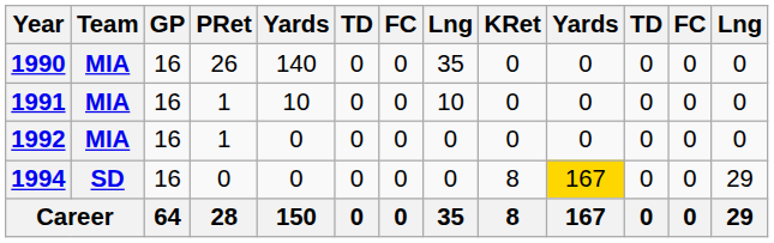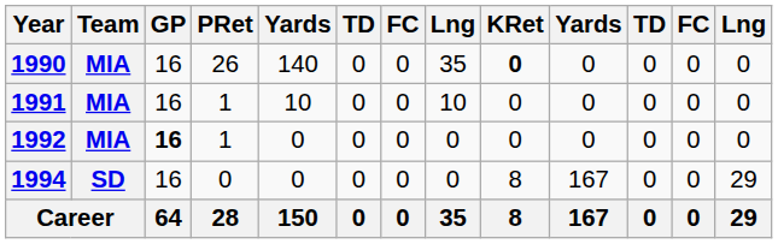 <table class="wikitable" style="text-align: center;">
 <tr>
 <th>Year</th>
 <th>Team</th>
 <th>GP</th>
 <th>PRet</th>
 <th>Yards</th>
 <th>TD</th>
 <th>FC</th>
 <th>Lng</th>
 <th>KRet</th>
 <th>Yards</th>
 <th>TD</th>
 <th>FC</th>
 <th>Lng</th>
 </tr>
 <tr>
 <th><a href='#'>1990</a></th>
 <th><a href='#'>MIA</a></th>
 <td>16</td>
 <td>26</td>
 <td>140</td>
 <td>0</td>
 <td>0</td>
 <td>35</td>
-<td>0</td>
+<td><strong>0</strong></td>
 <td>0</td>
 <td>0</td>
 <td>0</td>
 <td>0</td>
 </tr>
 <tr>
 <th><a href='#'>1991</a></th>
 <th><a href='#'>MIA</a></th>
 <td>16</td>
 <td>1</td>
 <td>10</td>
 <td>0</td>
 <td>0</td>
 <td>10</td>
 <td>0</td>
 <td>0</td>
 <td>0</td>
 <td>0</td>
 <td>0</td>
 </tr>
 <tr>
 <th><a href='#'>1992</a></th>
 <th><a href='#'>MIA</a></th>
-<td>16</td>
+<td><strong>16</strong></td>
 <td>1</td>
 <td>0</td>
 <td>0</td>
 <td>0</td>
 <td>0</td>
 <td>0</td>
 <td>0</td>
 <td>0</td>
 <td>0</td>
 <td>0</td>
 </tr>
 <tr>
 <th><a href='#'>1994</a></th>
 <th><a href='#'>SD</a></th>
 <td>16</td>
 <td>0</td>
 <td>0</td>
 <td>0</td>
 <td>0</td>
 <td>0</td>
 <td>8</td>
-<td style="background: gold;">167</td>
+<td>167</td>
 <td>0</td>
 <td>0</td>
 <td>29</td>
 </tr>
 <tr>
 <th colspan="2">Career</th>
 <th>64</th>
 <th>28</th>
 <th>150</th>
 <th>0</th>
 <th>0</th>
 <th>35</th>
 <th>8</th>
 <th>167</th>
 <th>0</th>
 <th>0</th>
 <th>29</th>
 </tr>
 </table>
